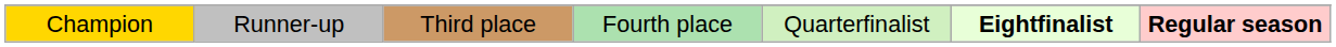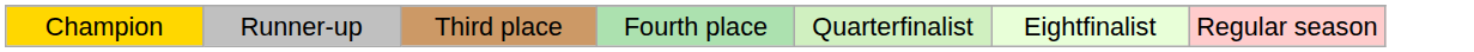 <table class="wikitable" style="font-size:90%; text-align:center;">
 <tr>
 </tr>
 <tr>
 <td style="background:gold;" width=14%>Champion</td>
 <td style="background:silver;" width=14%>Runner-up</td>
 <td style="background:#CC9966;" width=14%>Third place</td>
 <td style="background:#ACE1AF;" width=14%>Fourth place</td>
 <td style="background:#D0F0C0;" width=14%>Quarterfinalist</td>
-<td style="background:#E8FFD8;" width=14%><strong>Eightfinalist</strong></td>
-<td style="background:#ffcccc;" width=14%><strong>Regular season</strong></td>
+<td style="background:#E8FFD8;" width=14%>Eightfinalist</td>
+<td style="background:#ffcccc;" width=14%>Regular season</td>
 </tr>
 </table>
